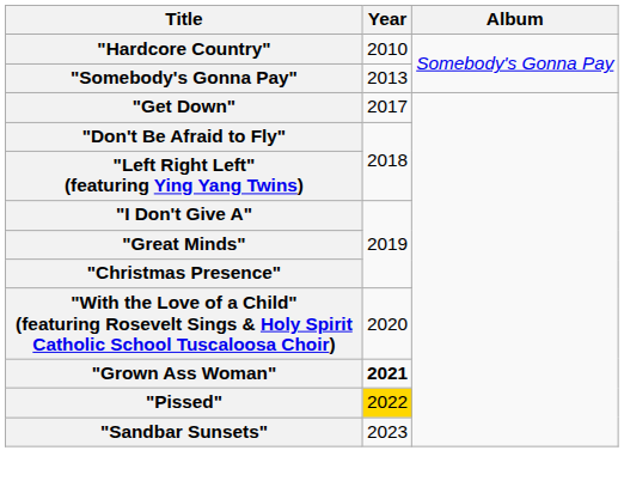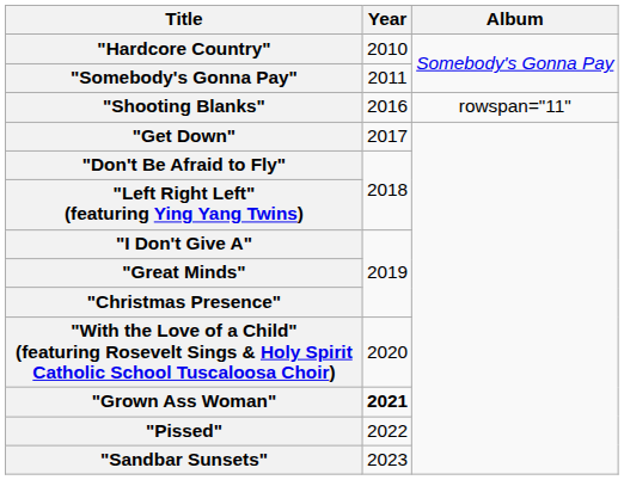 <table class="wikitable plainrowheaders" style="text-align:center;">
 <tr>
 <th scope="col" style="width:19em;">Title</th>
 <th scope="col">Year</th>
 <th scope="col">Album</th>
 </tr>
 <tr>
 <th scope="row">"Hardcore Country"</th>
 <td>2010</td>
 <td rowspan="2"><em><a href='#'>Somebody's Gonna Pay</a></em></td>
 </tr>
 <tr>
 <th scope="row">"Somebody's Gonna Pay"</th>
-<td>2013</td>
+<td>2011</td>
+</tr>
+<tr>
+<th scope="row">"Shooting Blanks"</th>
+<td>2016</td>
+<td>rowspan="11" </td>
 </tr>
 <tr>
 <th scope="row">"Get Down"</th>
 <td>2017</td>
 </tr>
 <tr>
 <th scope="row">"Don't Be Afraid to Fly"</th>
 <td rowspan="2">2018</td>
 </tr>
 <tr>
 <th scope="row">"Left Right Left"<br><span>(featuring <a href='#'>Ying Yang Twins</a>)</span></th>
 </tr>
 <tr>
 <th scope="row">"I Don't Give A"</th>
 <td rowspan="3">2019</td>
 </tr>
 <tr>
 <th scope="row">"Great Minds"</th>
 </tr>
 <tr>
 <th scope="row">"Christmas Presence"</th>
 </tr>
 <tr>
 <th scope="row">"With the Love of a Child"<br><span>(featuring Rosevelt Sings & <a href='#'>Holy Spirit Catholic School Tuscaloosa Choir</a>)</span></th>
 <td>2020</td>
 </tr>
 <tr>
 <th scope="row">"Grown Ass Woman"<br> </th>
 <td><strong>2021</strong></td>
 </tr>
 <tr>
 <th scope="row">"Pissed"</th>
-<td style="background: gold;">2022</td>
+<td>2022</td>
 </tr>
 <tr>
 <th scope="row">"Sandbar Sunsets"</th>
 <td>2023</td>
 </tr>
 </table>
